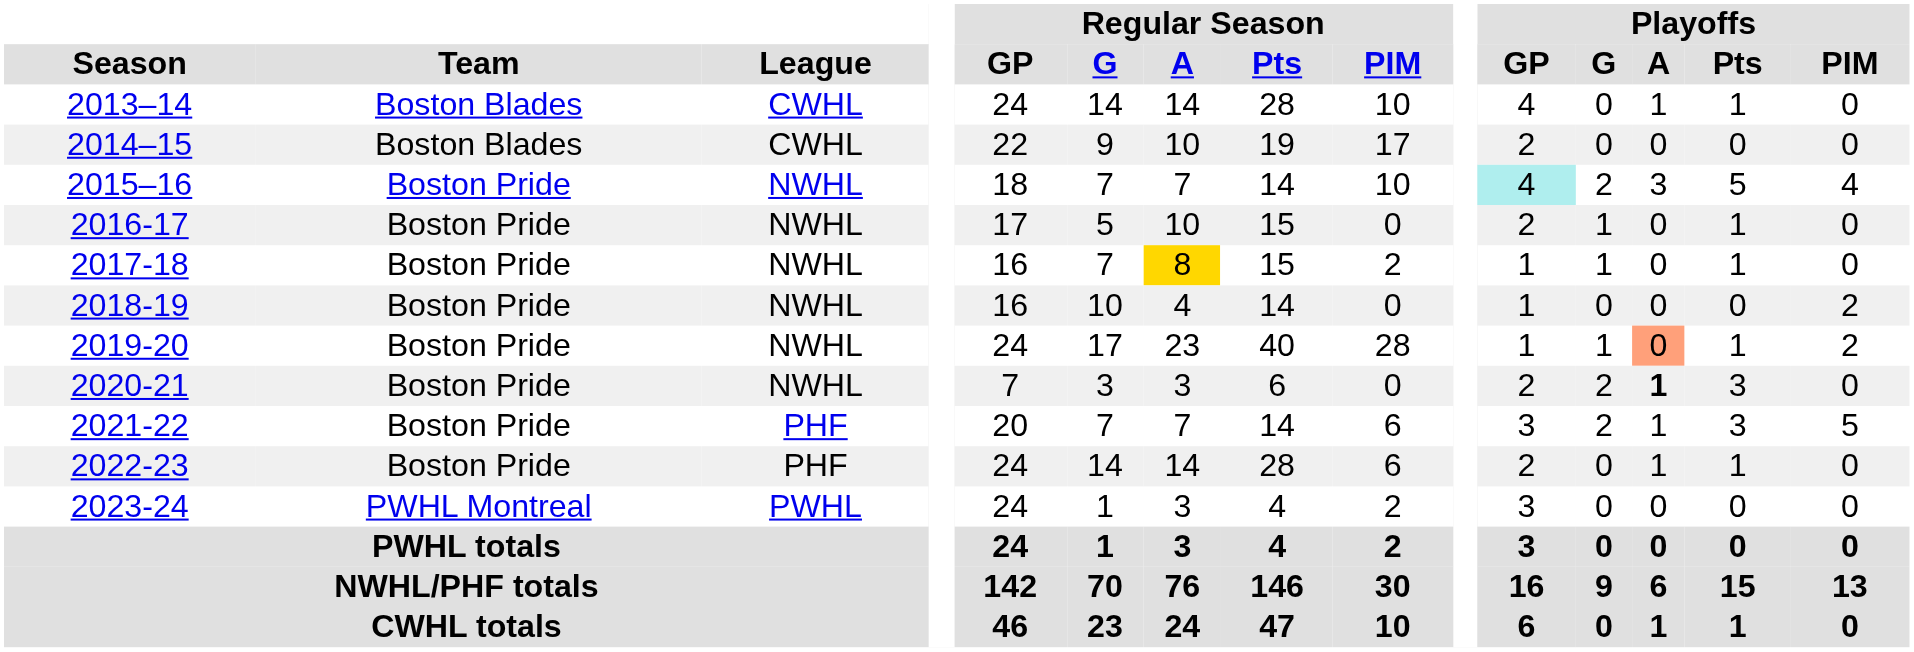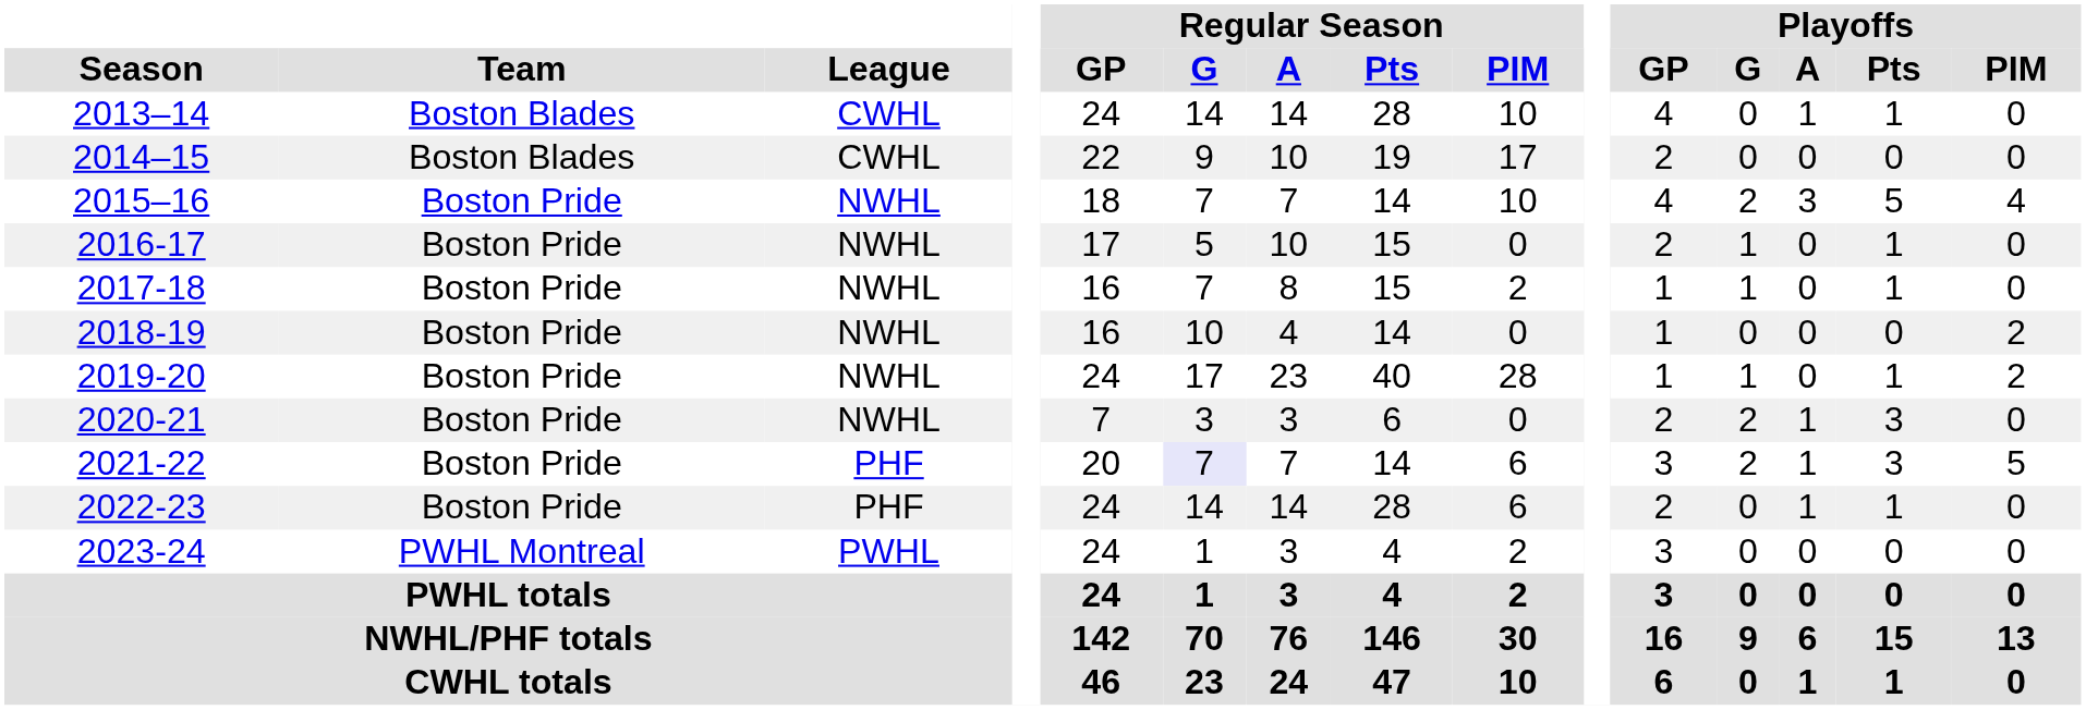 <table border="0" cellpadding="1" cellspacing="0" style="text-align:center; width:75%">
 <tr bgcolor="#e0e0e0">
 <th colspan="3"  bgcolor="#ffffff"> </th>
 <th rowspan="99" bgcolor="#ffffff"> </th>
 <th colspan="5">Regular Season</th>
 <th rowspan="99" bgcolor="#ffffff"> </th>
 <th colspan="5">Playoffs</th>
 </tr>
 <tr bgcolor="#e0e0e0">
 <th>Season</th>
 <th>Team</th>
 <th>League</th>
 <th>GP</th>
 <th><a href='#'>G</a></th>
 <th><a href='#'>A</a></th>
 <th><a href='#'>Pts</a></th>
 <th><a href='#'>PIM</a></th>
 <th>GP</th>
 <th>G</th>
 <th>A</th>
 <th>Pts</th>
 <th>PIM</th>
 </tr>
 <tr>
 <td><a href='#'>2013–14</a></td>
 <td><a href='#'>Boston Blades</a></td>
 <td><a href='#'>CWHL</a></td>
 <td>24</td>
 <td>14</td>
 <td>14</td>
 <td>28</td>
 <td>10</td>
 <td>4</td>
 <td>0</td>
 <td>1</td>
 <td>1</td>
 <td>0</td>
 </tr>
 <tr bgcolor="#f0f0f0">
 <td><a href='#'>2014–15</a></td>
 <td>Boston Blades</td>
 <td>CWHL</td>
 <td>22</td>
 <td>9</td>
 <td>10</td>
 <td>19</td>
 <td>17</td>
 <td>2</td>
 <td>0</td>
 <td>0</td>
 <td>0</td>
 <td>0</td>
 </tr>
 <tr>
 <td><a href='#'>2015–16</a></td>
 <td><a href='#'>Boston Pride</a></td>
 <td><a href='#'>NWHL</a></td>
 <td>18</td>
 <td>7</td>
 <td>7</td>
 <td>14</td>
 <td>10</td>
-<td style="background: paleturquoise;">4</td>
+<td>4</td>
 <td>2</td>
 <td>3</td>
 <td>5</td>
 <td>4</td>
 </tr>
 <tr bgcolor="#f0f0f0">
 <td><a href='#'>2016-17</a></td>
 <td>Boston Pride</td>
 <td>NWHL</td>
 <td>17</td>
 <td>5</td>
 <td>10</td>
 <td>15</td>
 <td>0</td>
 <td>2</td>
 <td>1</td>
 <td>0</td>
 <td>1</td>
 <td>0</td>
 </tr>
 <tr>
 <td><a href='#'>2017-18</a></td>
 <td>Boston Pride</td>
 <td>NWHL</td>
 <td>16</td>
 <td>7</td>
-<td style="background: gold;">8</td>
+<td>8</td>
 <td>15</td>
 <td>2</td>
 <td>1</td>
 <td>1</td>
 <td>0</td>
 <td>1</td>
 <td>0</td>
 </tr>
 <tr bgcolor="#f0f0f0">
 <td><a href='#'>2018-19</a></td>
 <td>Boston Pride</td>
 <td>NWHL</td>
 <td>16</td>
 <td>10</td>
 <td>4</td>
 <td>14</td>
 <td>0</td>
 <td>1</td>
 <td>0</td>
 <td>0</td>
 <td>0</td>
 <td>2</td>
 </tr>
 <tr>
 <td><a href='#'>2019-20</a></td>
 <td>Boston Pride</td>
 <td>NWHL</td>
 <td>24</td>
 <td>17</td>
 <td>23</td>
 <td>40</td>
 <td>28</td>
 <td>1</td>
 <td>1</td>
-<td style="background: lightsalmon;">0</td>
+<td>0</td>
 <td>1</td>
 <td>2</td>
 </tr>
 <tr bgcolor="#f0f0f0">
 <td><a href='#'>2020-21</a></td>
 <td>Boston Pride</td>
 <td>NWHL</td>
 <td>7</td>
 <td>3</td>
 <td>3</td>
 <td>6</td>
 <td>0</td>
 <td>2</td>
 <td>2</td>
-<td><strong>1</strong></td>
+<td>1</td>
 <td>3</td>
 <td>0</td>
 </tr>
 <tr>
 <td><a href='#'>2021-22</a></td>
 <td>Boston Pride</td>
 <td><a href='#'>PHF</a></td>
 <td>20</td>
-<td>7</td>
+<td style="background: lavender;">7</td>
 <td>7</td>
 <td>14</td>
 <td>6</td>
 <td>3</td>
 <td>2</td>
 <td>1</td>
 <td>3</td>
 <td>5</td>
 </tr>
 <tr bgcolor="#f0f0f0">
 <td><a href='#'>2022-23</a></td>
 <td>Boston Pride</td>
 <td>PHF</td>
 <td>24</td>
 <td>14</td>
 <td>14</td>
 <td>28</td>
 <td>6</td>
 <td>2</td>
 <td>0</td>
 <td>1</td>
 <td>1</td>
 <td>0</td>
 </tr>
 <tr>
 <td><a href='#'>2023-24</a></td>
 <td><a href='#'>PWHL Montreal</a></td>
 <td><a href='#'>PWHL</a></td>
 <td>24</td>
 <td>1</td>
 <td>3</td>
 <td>4</td>
 <td>2</td>
 <td>3</td>
 <td>0</td>
 <td>0</td>
 <td>0</td>
 <td>0</td>
 </tr>
 <tr bgcolor="#e0e0e0">
 <th colspan="3">PWHL totals</th>
 <th>24</th>
 <th>1</th>
 <th>3</th>
 <th>4</th>
 <th>2</th>
 <th>3</th>
 <th>0</th>
 <th>0</th>
 <th>0</th>
 <th>0</th>
 </tr>
 <tr bgcolor="#e0e0e0">
 <th colspan="3">NWHL/PHF totals</th>
 <th>142</th>
 <th>70</th>
 <th>76</th>
 <th>146</th>
 <th>30</th>
 <th>16</th>
 <th>9</th>
 <th>6</th>
 <th>15</th>
 <th>13</th>
 </tr>
 <tr bgcolor="#e0e0e0">
 <th colspan="3">CWHL totals</th>
 <th>46</th>
 <th>23</th>
 <th>24</th>
 <th>47</th>
 <th>10</th>
 <th>6</th>
 <th>0</th>
 <th>1</th>
 <th>1</th>
 <th>0</th>
 </tr>
 </table>
